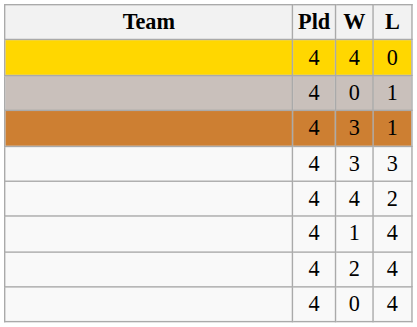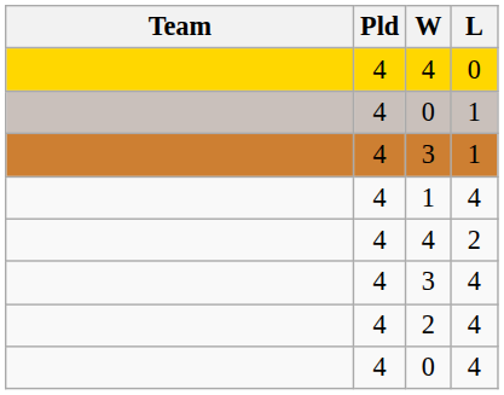 <table class="wikitable" style="text-align:center">
 <tr>
 <th width="200">Team</th>
 <th width="20">Pld</th>
 <th width="20">W</th>
 <th width="20">L</th>
 </tr>
 <tr style="background:#FFD700">
 <td align=left></td>
 <td>4</td>
 <td>4</td>
 <td>0</td>
 </tr>
 <tr style="background:#C9C0BB">
 <td align=left></td>
 <td>4</td>
 <td>0</td>
 <td>1</td>
 </tr>
 <tr style="background:#CD7F32">
 <td align=left></td>
 <td>4</td>
 <td>3</td>
 <td>1</td>
 </tr>
 <tr>
 <td align=left></td>
 <td>4</td>
-<td>3</td>
-<td>3</td>
+<td>1</td>
+<td>4</td>
 </tr>
 <tr>
 <td align=left></td>
 <td>4</td>
 <td>4</td>
 <td>2</td>
 </tr>
 <tr>
 <td align=left></td>
 <td>4</td>
-<td>1</td>
+<td>3</td>
 <td>4</td>
 </tr>
 <tr>
 <td align=left></td>
 <td>4</td>
 <td>2</td>
 <td>4</td>
 </tr>
 <tr>
 <td align=left></td>
 <td>4</td>
 <td>0</td>
 <td>4</td>
 </tr>
 </table>
